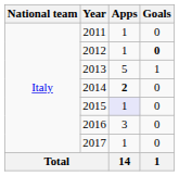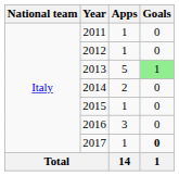 <table class="wikitable" style="text-align:center">
 <tr>
 <th>National team</th>
 <th>Year</th>
 <th>Apps</th>
 <th>Goals</th>
 </tr>
 <tr>
 <td rowspan="7"><a href='#'>Italy</a></td>
 <td>2011</td>
 <td>1</td>
 <td>0</td>
 </tr>
 <tr>
 <td>2012</td>
 <td>1</td>
-<td><strong>0</strong></td>
+<td>0</td>
 </tr>
 <tr>
 <td>2013</td>
 <td>5</td>
-<td>1</td>
+<td style="background: lightgreen;">1</td>
 </tr>
 <tr>
 <td>2014</td>
-<td><strong>2</strong></td>
+<td>2</td>
 <td>0</td>
 </tr>
 <tr>
 <td>2015</td>
-<td style="background: lavender;">1</td>
+<td>1</td>
 <td>0</td>
 </tr>
 <tr>
 <td>2016</td>
 <td>3</td>
 <td>0</td>
 </tr>
 <tr>
 <td>2017</td>
 <td>1</td>
-<td>0</td>
+<td><strong>0</strong></td>
 </tr>
 <tr>
 <th colspan="2">Total</th>
 <th>14</th>
 <th>1</th>
 </tr>
 </table>
